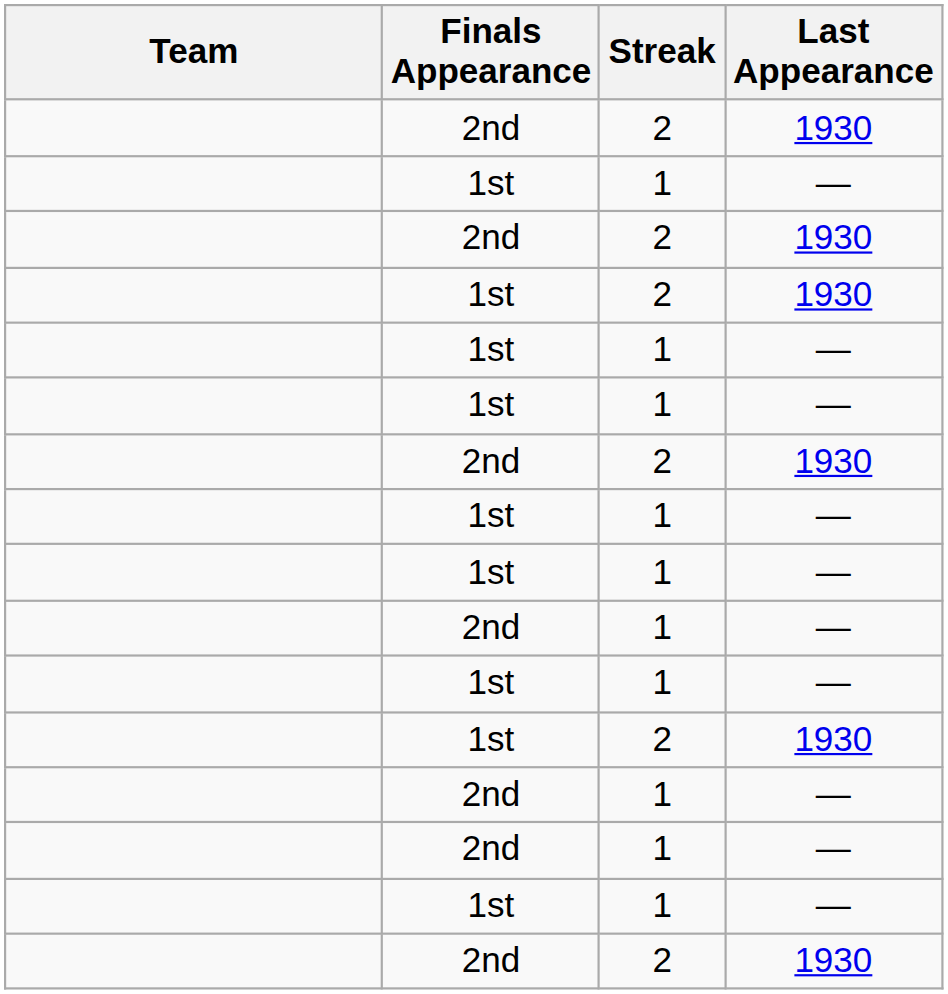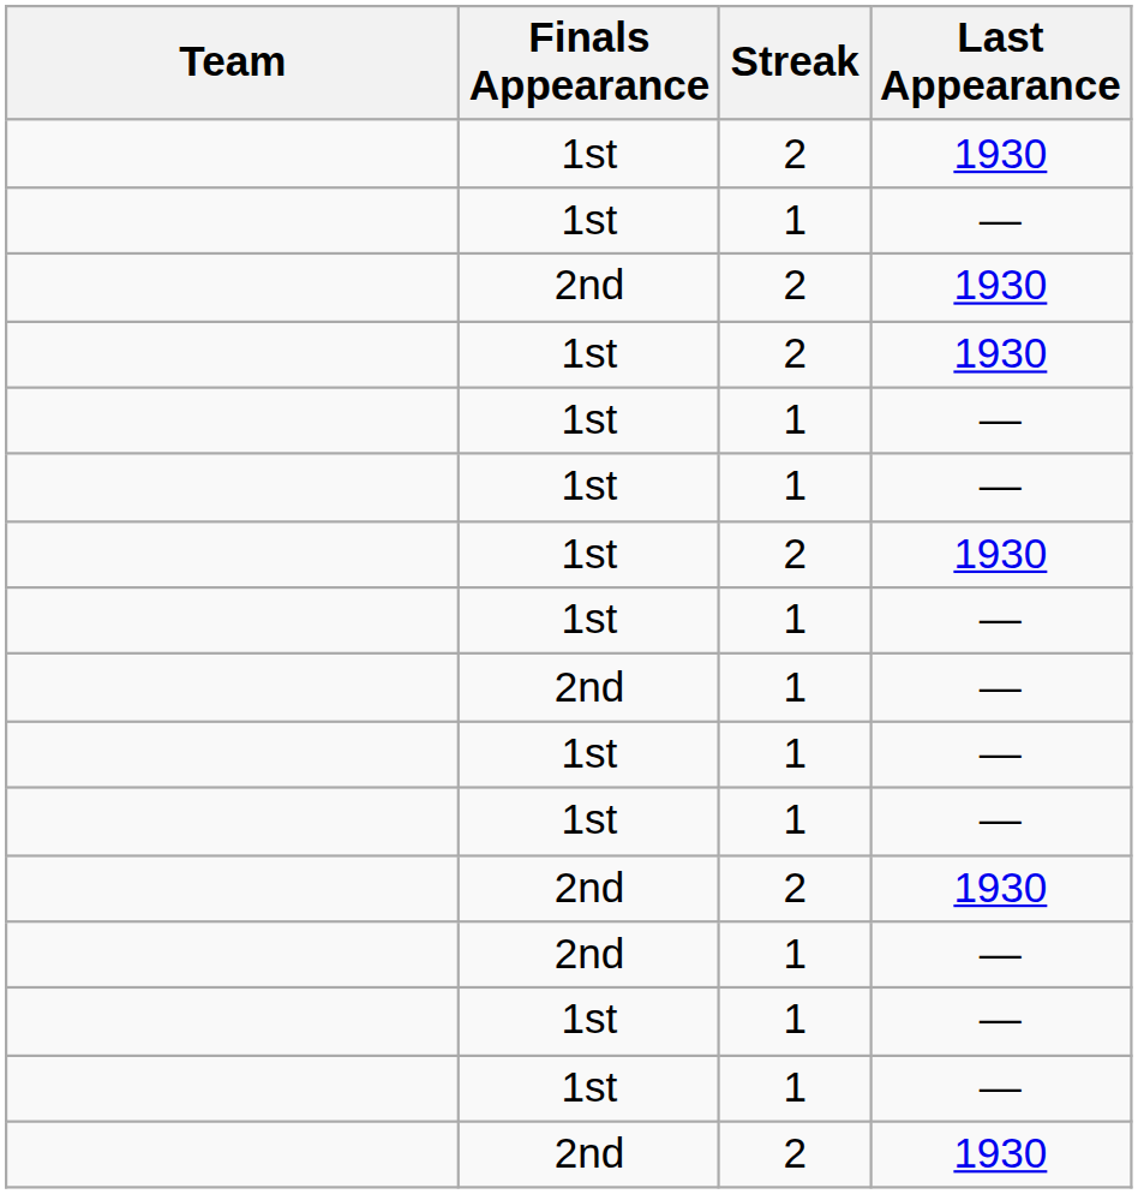 <table class="wikitable" style="text-align: center;">
 <tr>
 <th width=165>Team</th>
 <th width=80>Finals Appearance</th>
 <th width=50>Streak</th>
 <th width=80>Last Appearance</th>
 </tr>
 <tr>
 <td style="text-align:left;"></td>
-<td>2nd</td>
+<td>1st</td>
 <td>2</td>
 <td><a href='#'>1930</a></td>
 </tr>
 <tr>
 <td style="text-align:left;"></td>
 <td>1st</td>
 <td>1</td>
 <td>—</td>
 </tr>
 <tr>
 <td style="text-align:left;"></td>
 <td>2nd</td>
 <td>2</td>
 <td><a href='#'>1930</a></td>
 </tr>
 <tr>
 <td style="text-align:left;"></td>
 <td>1st</td>
 <td>2</td>
 <td><a href='#'>1930</a></td>
 </tr>
 <tr>
 <td style="text-align:left;"></td>
 <td>1st</td>
 <td>1</td>
 <td>—</td>
 </tr>
 <tr>
 <td style="text-align:left;"></td>
 <td>1st</td>
 <td>1</td>
 <td>—</td>
 </tr>
 <tr>
 <td style="text-align:left;"></td>
-<td>2nd</td>
+<td>1st</td>
 <td>2</td>
 <td><a href='#'>1930</a></td>
-</tr>
-<tr>
-<td style="text-align:left;"></td>
-<td>1st</td>
-<td>1</td>
-<td>—</td>
 </tr>
 <tr>
 <td style="text-align:left;"></td>
 <td>1st</td>
 <td>1</td>
 <td>—</td>
 </tr>
 <tr>
 <td style="text-align:left;"></td>
 <td>2nd</td>
 <td>1</td>
 <td>—</td>
 </tr>
 <tr>
 <td style="text-align:left;"></td>
 <td>1st</td>
 <td>1</td>
 <td>—</td>
 </tr>
 <tr>
 <td style="text-align:left;"></td>
 <td>1st</td>
+<td>1</td>
+<td>—</td>
+</tr>
+<tr>
+<td style="text-align:left;"></td>
+<td>2nd</td>
 <td>2</td>
 <td><a href='#'>1930</a></td>
 </tr>
 <tr>
 <td style="text-align:left;"></td>
 <td>2nd</td>
 <td>1</td>
 <td>—</td>
 </tr>
 <tr>
 <td style="text-align:left;"></td>
-<td>2nd</td>
+<td>1st</td>
 <td>1</td>
 <td>—</td>
 </tr>
 <tr>
 <td style="text-align:left;"></td>
 <td>1st</td>
 <td>1</td>
 <td>—</td>
 </tr>
 <tr>
 <td style="text-align:left;"></td>
 <td>2nd</td>
 <td>2</td>
 <td><a href='#'>1930</a></td>
 </tr>
 </table>
